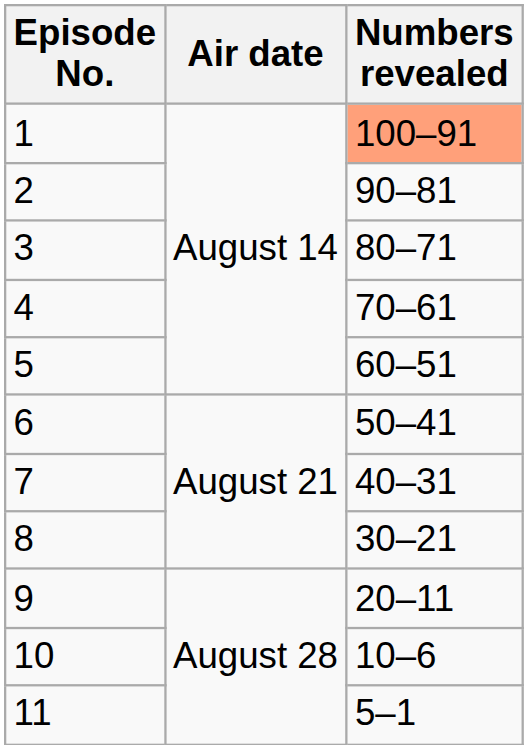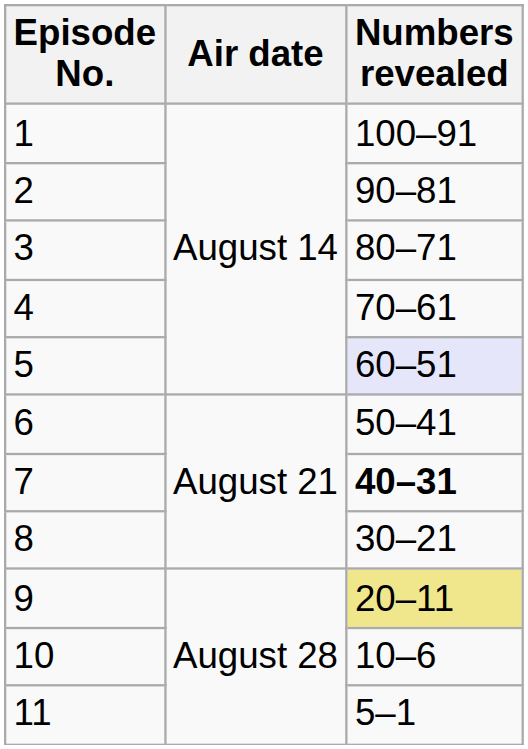 <table class="wikitable">
 <tr>
 <th>Episode<br>No.</th>
 <th>Air date</th>
 <th>Numbers<br>revealed</th>
 </tr>
 <tr>
 <td>1</td>
 <td rowspan="5">August 14</td>
-<td style="background: lightsalmon;">100–91</td>
+<td>100–91</td>
 </tr>
 <tr>
 <td>2</td>
 <td>90–81</td>
 </tr>
 <tr>
 <td>3</td>
 <td>80–71</td>
 </tr>
 <tr>
 <td>4</td>
 <td>70–61</td>
 </tr>
 <tr>
 <td>5</td>
-<td>60–51</td>
+<td style="background: lavender;">60–51</td>
 </tr>
 <tr>
 <td>6</td>
 <td rowspan="3">August 21</td>
 <td>50–41</td>
 </tr>
 <tr>
 <td>7</td>
-<td>40–31</td>
+<td><strong>40–31</strong></td>
 </tr>
 <tr>
 <td>8</td>
 <td>30–21</td>
 </tr>
 <tr>
 <td>9</td>
 <td rowspan="3">August 28</td>
-<td>20–11</td>
+<td style="background: khaki;">20–11</td>
 </tr>
 <tr>
 <td>10</td>
 <td>10–6</td>
 </tr>
 <tr>
 <td>11</td>
 <td>5–1</td>
 </tr>
 </table>
